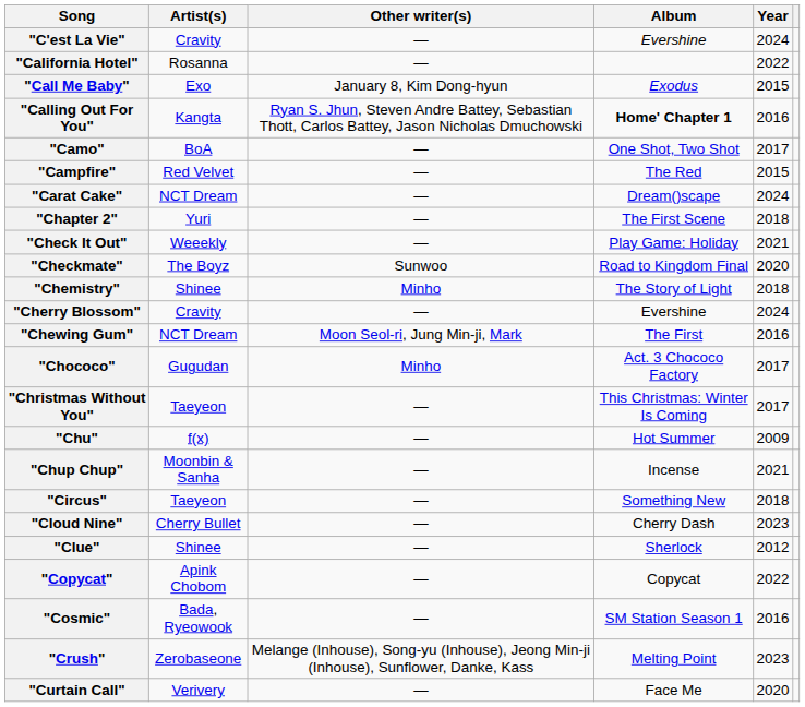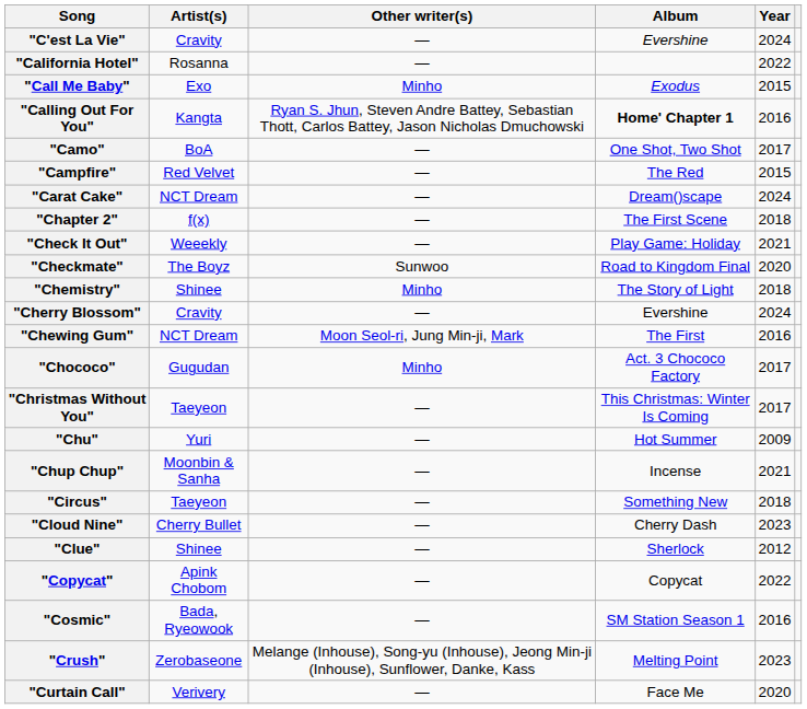 <table class="wikitable sortable plainrowheaders" style="text-align:center;">
 <tr>
 <th scope="col" width="150">Song</th>
 <th scope="col" width="100">Artist(s)</th>
 <th scope="col" class="unsortable">Other writer(s)</th>
 <th scope="col" data-sort-type="text">Album</th>
 <th scope="col">Year</th>
 <th scope="col" class="unsortable"></th>
 </tr>
 <tr>
 <th scope="row">"C'est La Vie"</th>
 <td><a href='#'>Cravity</a></td>
 <td>—</td>
 <td><em>Evershine</em></td>
 <td>2024</td>
 <td style="text-align:center;"></td>
 </tr>
 <tr>
 <th scope="row">"California Hotel"</th>
 <td>Rosanna</td>
 <td>—</td>
 <td></td>
 <td>2022</td>
 <td style="text-align:center;"></td>
 </tr>
 <tr>
 <th scope="row">"<a href='#'>Call Me Baby</a>"</th>
 <td><a href='#'>Exo</a></td>
-<td>January 8, Kim Dong-hyun</td>
+<td><a href='#'>Minho</a></td>
 <td><em><a href='#'>Exodus</a></em></td>
 <td>2015</td>
 <td style="text-align:center;"></td>
 </tr>
 <tr>
 <th scope="row">"Calling Out For You"</th>
 <td><a href='#'>Kangta</a></td>
 <td><a href='#'>Ryan S. Jhun</a>, Steven Andre Battey, Sebastian Thott, Carlos Battey, Jason Nicholas Dmuchowski</td>
 <td><strong>Home' Chapter 1<em></td>
 <td>2016</td>
 <td style="text-align:center;"></td>
 </tr>
 <tr>
 <th scope="row">"Camo"</th>
 <td><a href='#'>BoA</a></td>
 <td>—</td>
 <td></em><a href='#'>One Shot, Two Shot</a><em></td>
 <td>2017</td>
 <td style="text-align:center;"></td>
 </tr>
 <tr>
 <th scope="row">"Campfire"</th>
 <td><a href='#'>Red Velvet</a></td>
 <td>—</td>
 <td></em><a href='#'>The Red</a><em></td>
 <td>2015</td>
 <td style="text-align:center;"></td>
 </tr>
 <tr>
 <th scope="row">"Carat Cake"</th>
 <td><a href='#'>NCT Dream</a></td>
 <td>—</td>
 <td></em><a href='#'>Dream()scape</a><em></td>
 <td>2024</td>
 <td style="text-align:center;"></td>
 </tr>
 <tr>
 <th scope="row">"Chapter 2"</th>
-<td><a href='#'>Yuri</a></td>
+<td><a href='#'>f(x)</a></td>
 <td>—</td>
 <td></em><a href='#'>The First Scene</a><em></td>
 <td>2018</td>
 <td style="text-align:center;"></td>
 </tr>
 <tr>
 <th scope="row">"Check It Out"</th>
 <td><a href='#'>Weeekly</a></td>
 <td>—</td>
 <td></em><a href='#'>Play Game: Holiday</a><em></td>
 <td>2021</td>
 <td style="text-align:center;"></td>
 </tr>
 <tr>
 <th scope="row">"Checkmate"</th>
 <td><a href='#'>The Boyz</a></td>
 <td>Sunwoo</td>
 <td></em><a href='#'>Road to Kingdom Final</a><em></td>
 <td>2020</td>
 <td style="text-align:center;"></td>
 </tr>
 <tr>
 <th scope="row">"Chemistry"</th>
 <td><a href='#'>Shinee</a></td>
 <td><a href='#'>Minho</a></td>
 <td></em><a href='#'>The Story of Light</a><em></td>
 <td>2018</td>
 <td style="text-align:center;"></td>
 </tr>
 <tr>
 <th scope="row">"Cherry Blossom"</th>
 <td><a href='#'>Cravity</a></td>
 <td>—</td>
 <td></em>Evershine<em></td>
 <td>2024</td>
 <td style="text-align:center;"></td>
 </tr>
 <tr>
 <th scope="row">"Chewing Gum"</th>
 <td><a href='#'>NCT Dream</a></td>
 <td><a href='#'>Moon Seol-ri</a>, Jung Min-ji, <a href='#'>Mark</a></td>
 <td></em><a href='#'>The First</a><em></td>
 <td>2016</td>
 <td style="text-align:center;"></td>
 </tr>
 <tr>
 <th scope="row">"Chococo"</th>
 <td><a href='#'>Gugudan</a></td>
 <td><a href='#'>Minho</a></td>
 <td></em><a href='#'>Act. 3 Chococo Factory</a><em></td>
 <td>2017</td>
 <td style="text-align:center;"></td>
 </tr>
 <tr>
 <th scope="row">"Christmas Without You"</th>
 <td><a href='#'>Taeyeon</a></td>
 <td>—</td>
 <td></em><a href='#'>This Christmas: Winter Is Coming</a><em></td>
 <td>2017</td>
 <td style="text-align:center;"></td>
 </tr>
 <tr>
 <th scope="row">"Chu"</th>
-<td><a href='#'>f(x)</a></td>
+<td><a href='#'>Yuri</a></td>
 <td>—</td>
 <td></em><a href='#'>Hot Summer</a><em></td>
 <td>2009</td>
 <td style="text-align:center;"></td>
 </tr>
 <tr>
 <th scope="row">"Chup Chup"</th>
 <td><a href='#'>Moonbin & Sanha</a></td>
 <td>—</td>
 <td></em>Incense<em></td>
 <td>2021</td>
 <td style="text-align:center;"></td>
 </tr>
 <tr>
 <th scope="row">"Circus"</th>
 <td><a href='#'>Taeyeon</a></td>
 <td>—</td>
 <td></em><a href='#'>Something New</a><em></td>
 <td>2018</td>
 <td style="text-align:center;"></td>
 </tr>
 <tr>
 <th scope="row">"Cloud Nine"</th>
 <td><a href='#'>Cherry Bullet</a></td>
 <td>—</td>
 <td></em>Cherry Dash<em></td>
 <td>2023</td>
 <td style="text-align:center;"></td>
 </tr>
 <tr>
 <th scope="row">"Clue"</th>
 <td><a href='#'>Shinee</a></td>
 <td>—</td>
 <td></em><a href='#'>Sherlock</a><em></td>
 <td>2012</td>
 <td style="text-align:center;"></td>
 </tr>
 <tr>
 <th scope="row">"<a href='#'>Copycat</a>"</th>
 <td><a href='#'>Apink Chobom</a></td>
 <td>—</td>
 <td></em>Copycat<em></td>
 <td>2022</td>
 <td style="text-align:center;"></td>
 </tr>
 <tr>
 <th scope="row">"Cosmic"</th>
 <td><a href='#'>Bada</a>, <a href='#'>Ryeowook</a></td>
 <td>—</td>
 <td></em><a href='#'>SM Station Season 1</a><em></td>
 <td>2016</td>
 <td style="text-align:center;"></td>
 </tr>
 <tr>
 <th scope="row">"<a href='#'>Crush</a>"</th>
 <td><a href='#'>Zerobaseone</a></td>
 <td>Melange (Inhouse), Song-yu (Inhouse), Jeong Min-ji (Inhouse), Sunflower, Danke, Kass</td>
 <td></em><a href='#'>Melting Point</a><em></td>
 <td>2023</td>
 <td style="text-align:center;"></td>
 </tr>
 <tr>
 <th scope="row">"Curtain Call"</th>
 <td><a href='#'>Verivery</a></td>
 <td>—</td>
 <td></em>Face Me<em></td>
 <td>2020</td>
 <td style="text-align:center;"></td>
 </tr>
 </table>
